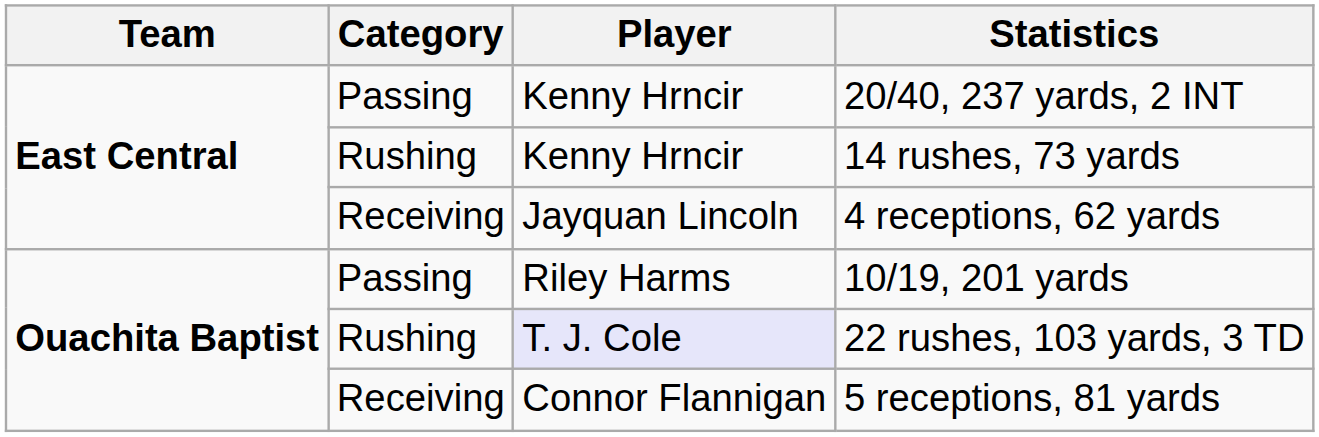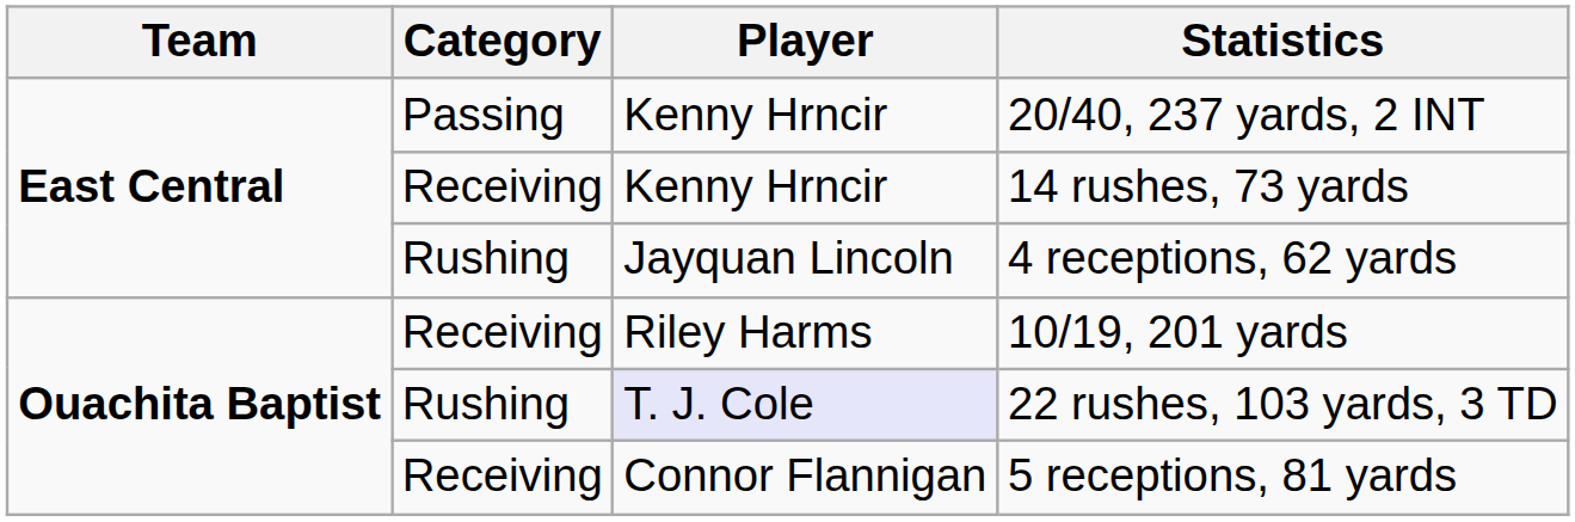 <table class="wikitable" style="float: right;">
 <tr>
 <th>Team</th>
 <th>Category</th>
 <th>Player</th>
 <th>Statistics</th>
 </tr>
 <tr>
 <td rowspan=3><strong>East Central</strong></td>
 <td>Passing</td>
 <td>Kenny Hrncir</td>
 <td>20/40, 237 yards, 2 INT</td>
 </tr>
 <tr>
-<td>Rushing</td>
+<td>Receiving</td>
 <td>Kenny Hrncir</td>
 <td>14 rushes, 73 yards</td>
 </tr>
 <tr>
-<td>Receiving</td>
+<td>Rushing</td>
 <td>Jayquan Lincoln</td>
 <td>4 receptions, 62 yards</td>
 </tr>
 <tr>
 <td rowspan=3><strong>Ouachita Baptist</strong></td>
-<td>Passing</td>
+<td>Receiving</td>
 <td>Riley Harms</td>
 <td>10/19, 201 yards</td>
 </tr>
 <tr>
 <td>Rushing</td>
 <td style="background: lavender;">T. J. Cole</td>
 <td>22 rushes, 103 yards, 3 TD</td>
 </tr>
 <tr>
 <td>Receiving</td>
 <td>Connor Flannigan</td>
 <td>5 receptions, 81 yards</td>
 </tr>
 </table>
